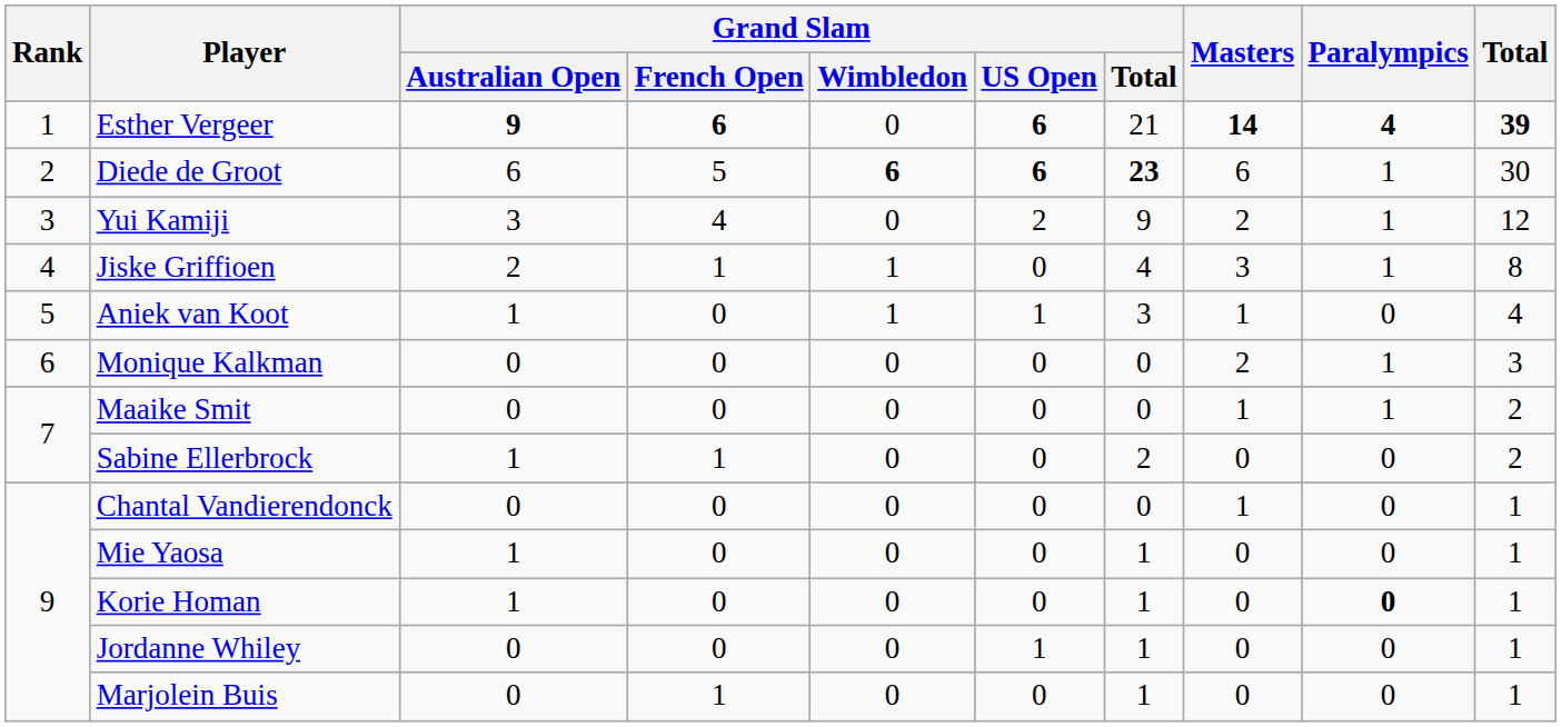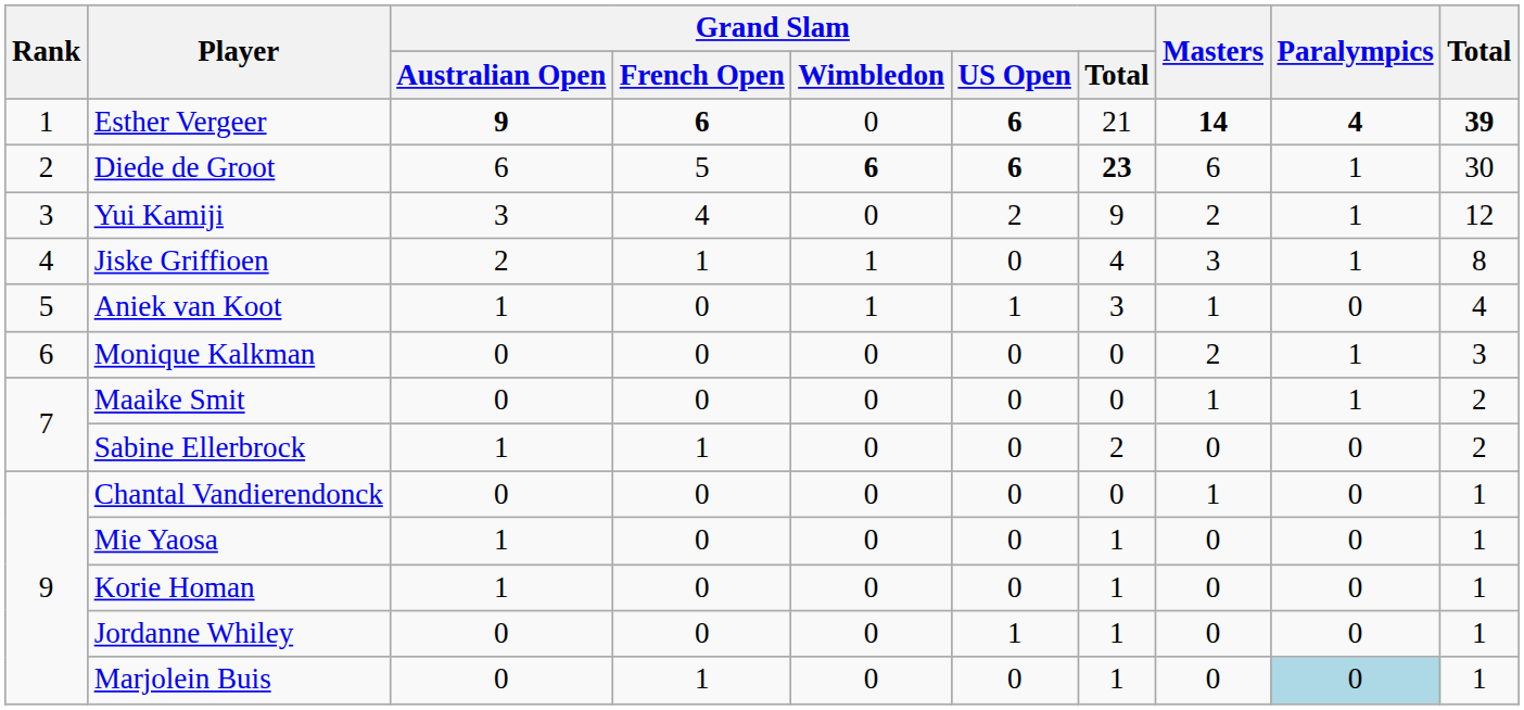 <table class="wikitable sortable" style="text-align:center">
 <tr>
 <th rowspan="2" align="center">Rank</th>
 <th rowspan="2" align="center">Player</th>
 <th colspan="5" align="center"><a href='#'>Grand Slam</a></th>
 <th rowspan="2" align="center"><a href='#'>Masters</a></th>
 <th rowspan="2" align="center"><a href='#'>Paralympics</a></th>
 <th rowspan="2" align="center">Total</th>
 </tr>
 <tr>
 <th align="center"><a href='#'>Australian Open</a></th>
 <th align="center"><a href='#'>French Open</a></th>
 <th align="center"><a href='#'>Wimbledon</a></th>
 <th align="center"><a href='#'>US Open</a></th>
 <th align="center">Total</th>
 </tr>
 <tr>
 <td>1</td>
 <td style="text-align:left;" data-sort-value=""> <a href='#'>Esther Vergeer</a></td>
 <td><strong>9</strong></td>
 <td><strong>6</strong></td>
 <td>0</td>
 <td><strong>6</strong></td>
 <td>21</td>
 <td><strong>14</strong></td>
 <td><strong>4</strong></td>
 <td><strong>39</strong></td>
 </tr>
 <tr>
 <td>2</td>
 <td style="text-align:left;" data-sort-value=""> <a href='#'>Diede de Groot</a></td>
 <td>6</td>
 <td>5</td>
 <td><strong>6</strong></td>
 <td><strong>6</strong></td>
 <td><strong>23</strong></td>
 <td>6</td>
 <td>1</td>
 <td>30</td>
 </tr>
 <tr>
 <td>3</td>
 <td style="text-align:left;" data-sort-value=""> <a href='#'>Yui Kamiji</a></td>
 <td>3</td>
 <td>4</td>
 <td>0</td>
 <td>2</td>
 <td>9</td>
 <td>2</td>
 <td>1</td>
 <td>12</td>
 </tr>
 <tr>
 <td>4</td>
 <td style="text-align:left;" data-sort-value=""> <a href='#'>Jiske Griffioen</a></td>
 <td>2</td>
 <td>1</td>
 <td>1</td>
 <td>0</td>
 <td>4</td>
 <td>3</td>
 <td>1</td>
 <td>8</td>
 </tr>
 <tr>
 <td>5</td>
 <td style="text-align:left;" data-sort-value=""> <a href='#'>Aniek van Koot</a></td>
 <td>1</td>
 <td>0</td>
 <td>1</td>
 <td>1</td>
 <td>3</td>
 <td>1</td>
 <td>0</td>
 <td>4</td>
 </tr>
 <tr>
 <td>6</td>
 <td style="text-align:left;" data-sort-value=""> <a href='#'>Monique Kalkman</a></td>
 <td>0</td>
 <td>0</td>
 <td>0</td>
 <td>0</td>
 <td>0</td>
 <td>2</td>
 <td>1</td>
 <td>3</td>
 </tr>
 <tr>
 <td rowspan="2">7</td>
 <td style="text-align:left;" data-sort-value=""> <a href='#'>Maaike Smit</a></td>
 <td>0</td>
 <td>0</td>
 <td>0</td>
 <td>0</td>
 <td>0</td>
 <td>1</td>
 <td>1</td>
 <td>2</td>
 </tr>
 <tr>
 <td style="text-align:left;" data-sort-value=""> <a href='#'>Sabine Ellerbrock</a></td>
 <td>1</td>
 <td>1</td>
 <td>0</td>
 <td>0</td>
 <td>2</td>
 <td>0</td>
 <td>0</td>
 <td>2</td>
 </tr>
 <tr>
 <td rowspan="5">9</td>
 <td style="text-align:left;" data-sort-value=""> <a href='#'>Chantal Vandierendonck</a></td>
 <td>0</td>
 <td>0</td>
 <td>0</td>
 <td>0</td>
 <td>0</td>
 <td>1</td>
 <td>0</td>
 <td>1</td>
 </tr>
 <tr>
 <td style="text-align:left;" data-sort-value=""> <a href='#'>Mie Yaosa</a></td>
 <td>1</td>
 <td>0</td>
 <td>0</td>
 <td>0</td>
 <td>1</td>
 <td>0</td>
 <td>0</td>
 <td>1</td>
 </tr>
 <tr>
 <td style="text-align:left;" data-sort-value=""> <a href='#'>Korie Homan</a></td>
 <td>1</td>
 <td>0</td>
 <td>0</td>
 <td>0</td>
 <td>1</td>
 <td>0</td>
-<td><strong>0</strong></td>
+<td>0</td>
 <td>1</td>
 </tr>
 <tr>
 <td style="text-align:left;" data-sort-value=""> <a href='#'>Jordanne Whiley</a></td>
 <td>0</td>
 <td>0</td>
 <td>0</td>
 <td>1</td>
 <td>1</td>
 <td>0</td>
 <td>0</td>
 <td>1</td>
 </tr>
 <tr>
 <td style="text-align:left;" data-sort-value=""> <a href='#'>Marjolein Buis</a></td>
 <td>0</td>
 <td>1</td>
 <td>0</td>
 <td>0</td>
 <td>1</td>
 <td>0</td>
-<td>0</td>
+<td style="background: lightblue;">0</td>
 <td>1</td>
 </tr>
 </table>
